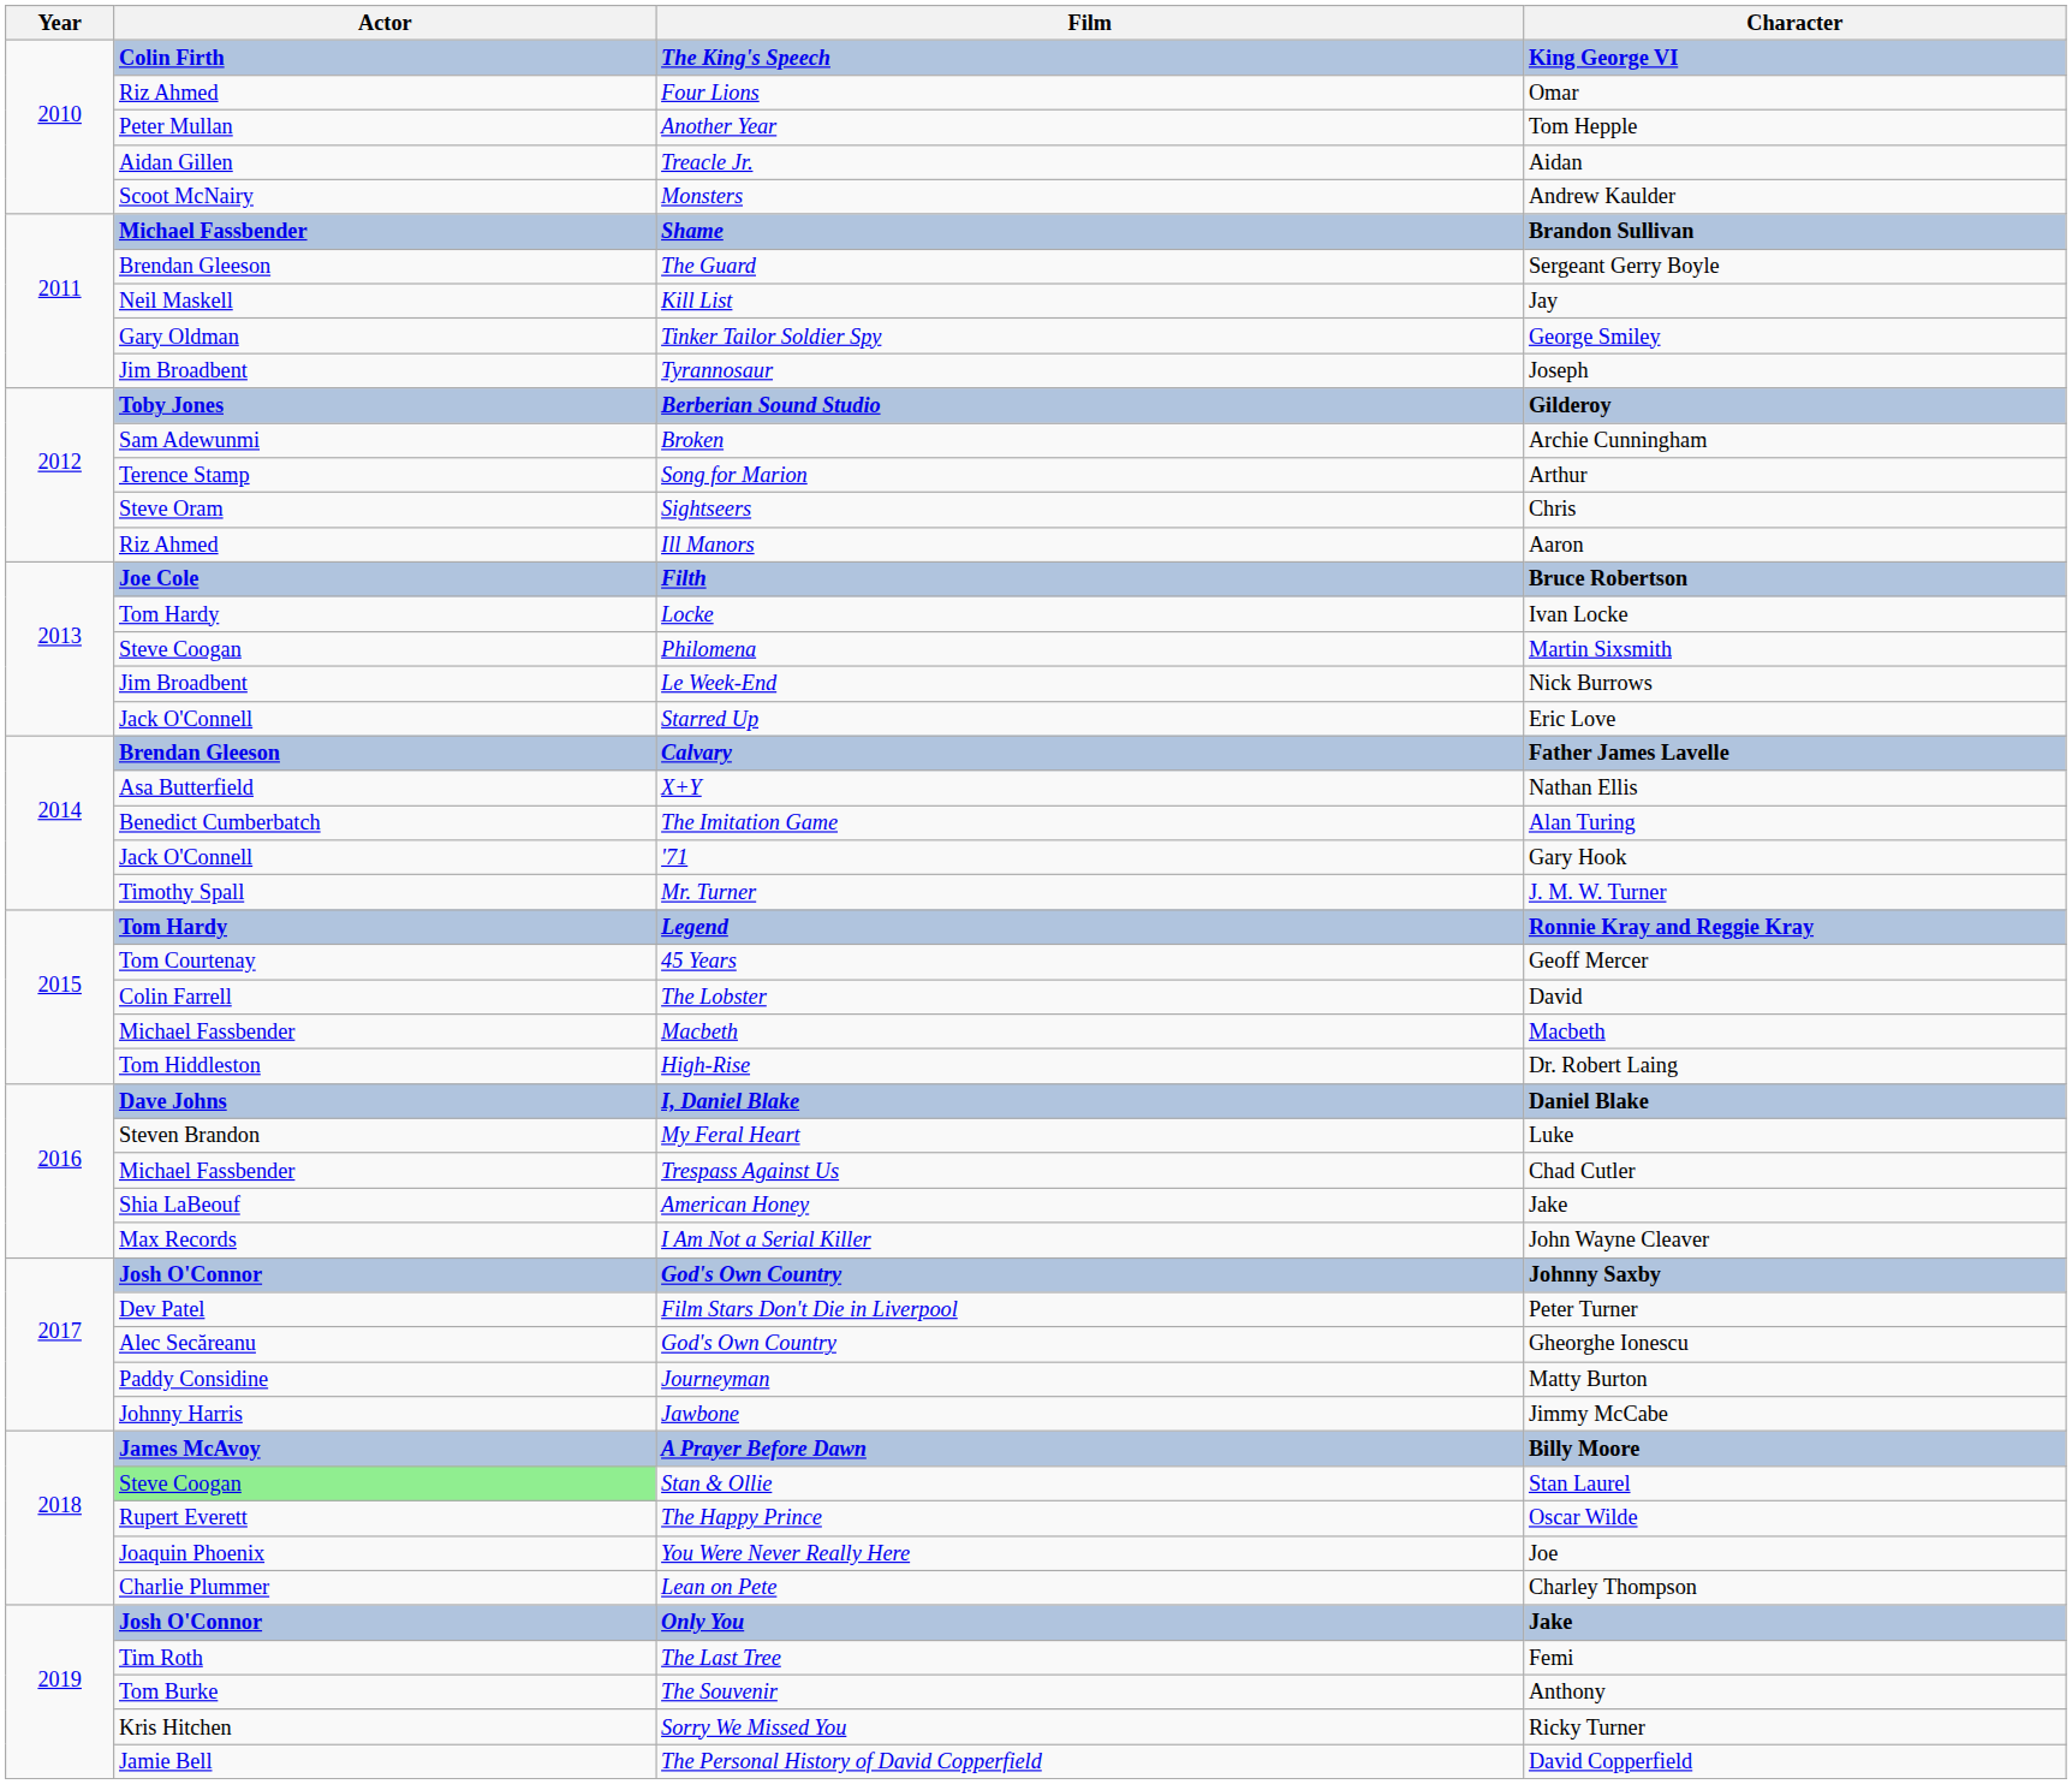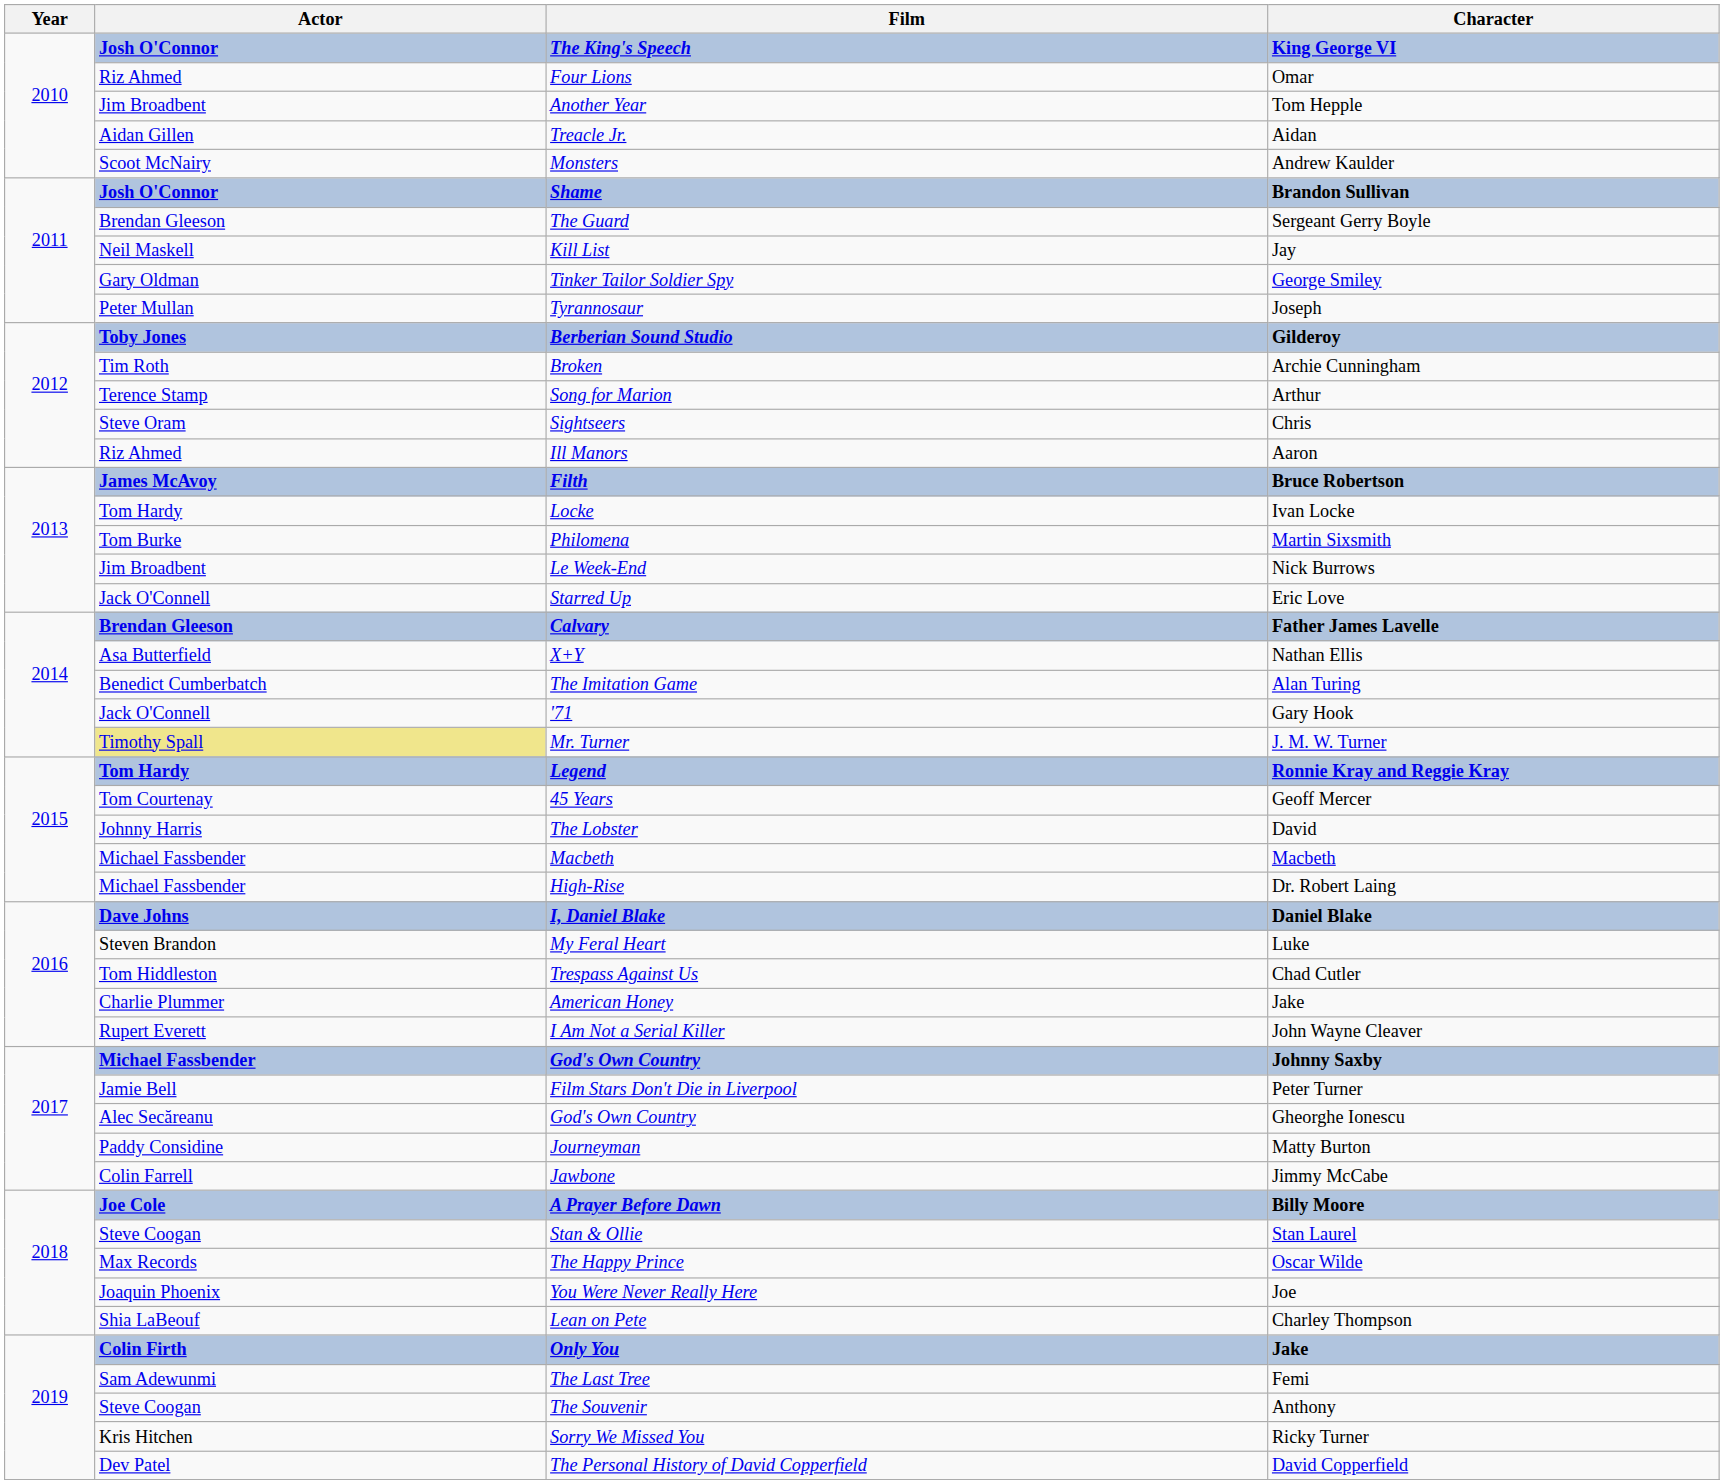 <table class="wikitable" width="95%" cellpadding="5">
 <tr>
 <th width="5%">Year</th>
 <th width="25%">Actor</th>
 <th width="40%">Film</th>
 <th width="25%">Character</th>
 </tr>
 <tr>
 <td rowspan="5" style="text-align:center;"><a href='#'>2010</a><br><br></td>
-<td style="background:#B0C4DE"><strong><a href='#'>Colin Firth</a></strong></td>
+<td style="background:#B0C4DE"><strong><a href='#'>Josh O'Connor</a></strong></td>
 <td style="background:#B0C4DE"><strong><em><a href='#'>The King's Speech</a></em></strong></td>
 <td style="background:#B0C4DE"><strong><a href='#'>King George VI</a></strong></td>
 </tr>
 <tr>
 <td><a href='#'>Riz Ahmed</a></td>
 <td><em><a href='#'>Four Lions</a></em></td>
 <td>Omar</td>
 </tr>
 <tr>
-<td><a href='#'>Peter Mullan</a></td>
+<td><a href='#'>Jim Broadbent</a></td>
 <td><em><a href='#'>Another Year</a></em></td>
 <td>Tom Hepple</td>
 </tr>
 <tr>
 <td><a href='#'>Aidan Gillen</a></td>
 <td><em><a href='#'>Treacle Jr.</a></em></td>
 <td>Aidan</td>
 </tr>
 <tr>
 <td><a href='#'>Scoot McNairy</a></td>
 <td><em><a href='#'>Monsters</a></em></td>
 <td>Andrew Kaulder</td>
 </tr>
 <tr>
 <td rowspan="5" style="text-align:center;"><a href='#'>2011</a><br><br></td>
-<td style="background:#B0C4DE"><strong><a href='#'>Michael Fassbender</a></strong></td>
+<td style="background:#B0C4DE"><strong><a href='#'>Josh O'Connor</a></strong></td>
 <td style="background:#B0C4DE"><strong><em><a href='#'>Shame</a></em></strong></td>
 <td style="background:#B0C4DE"><strong>Brandon Sullivan</strong></td>
 </tr>
 <tr>
 <td><a href='#'>Brendan Gleeson</a></td>
 <td><em><a href='#'>The Guard</a></em></td>
 <td>Sergeant Gerry Boyle</td>
 </tr>
 <tr>
 <td><a href='#'>Neil Maskell</a></td>
 <td><em><a href='#'>Kill List</a></em></td>
 <td>Jay</td>
 </tr>
 <tr>
 <td><a href='#'>Gary Oldman</a></td>
 <td><em><a href='#'>Tinker Tailor Soldier Spy</a></em></td>
 <td><a href='#'>George Smiley</a></td>
 </tr>
 <tr>
-<td><a href='#'>Jim Broadbent</a></td>
+<td><a href='#'>Peter Mullan</a></td>
 <td><em><a href='#'>Tyrannosaur</a></em></td>
 <td>Joseph</td>
 </tr>
 <tr>
 <td rowspan="5" style="text-align:center;"><a href='#'>2012</a><br><br></td>
 <td style="background:#B0C4DE"><strong><a href='#'>Toby Jones</a></strong></td>
 <td style="background:#B0C4DE"><strong><em><a href='#'>Berberian Sound Studio</a></em></strong></td>
 <td style="background:#B0C4DE"><strong>Gilderoy</strong></td>
 </tr>
 <tr>
-<td><a href='#'>Sam Adewunmi</a></td>
+<td><a href='#'>Tim Roth</a></td>
 <td><em><a href='#'>Broken</a></em></td>
 <td>Archie Cunningham</td>
 </tr>
 <tr>
 <td><a href='#'>Terence Stamp</a></td>
 <td><em><a href='#'>Song for Marion</a></em></td>
 <td>Arthur</td>
 </tr>
 <tr>
 <td><a href='#'>Steve Oram</a></td>
 <td><em><a href='#'>Sightseers</a></em></td>
 <td>Chris</td>
 </tr>
 <tr>
 <td><a href='#'>Riz Ahmed</a></td>
 <td><em><a href='#'>Ill Manors</a></em></td>
 <td>Aaron</td>
 </tr>
 <tr>
 <td rowspan="5" style="text-align:center;"><a href='#'>2013</a><br><br></td>
-<td style="background:#B0C4DE"><strong><a href='#'>Joe Cole</a></strong></td>
+<td style="background:#B0C4DE"><strong><a href='#'>James McAvoy</a></strong></td>
 <td style="background:#B0C4DE"><strong><em><a href='#'>Filth</a></em></strong></td>
 <td style="background:#B0C4DE"><strong>Bruce Robertson</strong></td>
 </tr>
 <tr>
 <td><a href='#'>Tom Hardy</a></td>
 <td><em><a href='#'>Locke</a></em></td>
 <td>Ivan Locke</td>
 </tr>
 <tr>
-<td><a href='#'>Steve Coogan</a></td>
+<td><a href='#'>Tom Burke</a></td>
 <td><em><a href='#'>Philomena</a></em></td>
 <td><a href='#'>Martin Sixsmith</a></td>
 </tr>
 <tr>
 <td><a href='#'>Jim Broadbent</a></td>
 <td><em><a href='#'>Le Week-End</a></em></td>
 <td>Nick Burrows</td>
 </tr>
 <tr>
 <td><a href='#'>Jack O'Connell</a></td>
 <td><em><a href='#'>Starred Up</a></em></td>
 <td>Eric Love</td>
 </tr>
 <tr>
 <td rowspan="5" style="text-align:center;"><a href='#'>2014</a><br><br></td>
 <td style="background:#B0C4DE"><strong><a href='#'>Brendan Gleeson</a></strong></td>
 <td style="background:#B0C4DE"><strong><em><a href='#'>Calvary</a></em></strong></td>
 <td style="background:#B0C4DE"><strong>Father James Lavelle</strong></td>
 </tr>
 <tr>
 <td><a href='#'>Asa Butterfield</a></td>
 <td><em><a href='#'>X+Y</a></em></td>
 <td>Nathan Ellis</td>
 </tr>
 <tr>
 <td><a href='#'>Benedict Cumberbatch</a></td>
 <td><em><a href='#'>The Imitation Game</a></em></td>
 <td><a href='#'>Alan Turing</a></td>
 </tr>
 <tr>
 <td><a href='#'>Jack O'Connell</a></td>
 <td><em><a href='#'>'71</a></em></td>
 <td>Gary Hook</td>
 </tr>
 <tr>
-<td><a href='#'>Timothy Spall</a></td>
+<td style="background: khaki;"><a href='#'>Timothy Spall</a></td>
 <td><em><a href='#'>Mr. Turner</a></em></td>
 <td><a href='#'>J. M. W. Turner</a></td>
 </tr>
 <tr>
 <td rowspan="5" style="text-align:center;"><a href='#'>2015</a><br><br></td>
 <td style="background:#B0C4DE"><strong><a href='#'>Tom Hardy</a></strong></td>
 <td style="background:#B0C4DE"><strong><em><a href='#'>Legend</a></em></strong></td>
 <td style="background:#B0C4DE"><strong><a href='#'>Ronnie Kray and Reggie Kray</a></strong></td>
 </tr>
 <tr>
 <td><a href='#'>Tom Courtenay</a></td>
 <td><em><a href='#'>45 Years</a></em></td>
 <td>Geoff Mercer</td>
 </tr>
 <tr>
-<td><a href='#'>Colin Farrell</a></td>
+<td><a href='#'>Johnny Harris</a></td>
 <td><em><a href='#'>The Lobster</a></em></td>
 <td>David</td>
 </tr>
 <tr>
 <td><a href='#'>Michael Fassbender</a></td>
 <td><em><a href='#'>Macbeth</a></em></td>
 <td><a href='#'>Macbeth</a></td>
 </tr>
 <tr>
-<td><a href='#'>Tom Hiddleston</a></td>
+<td><a href='#'>Michael Fassbender</a></td>
 <td><em><a href='#'>High-Rise</a></em></td>
 <td>Dr. Robert Laing</td>
 </tr>
 <tr>
 <td rowspan="5" style="text-align:center;"><a href='#'>2016</a><br><br></td>
 <td style="background:#B0C4DE"><strong><a href='#'>Dave Johns</a></strong></td>
 <td style="background:#B0C4DE"><strong><em><a href='#'>I, Daniel Blake</a></em></strong></td>
 <td style="background:#B0C4DE"><strong>Daniel Blake</strong></td>
 </tr>
 <tr>
 <td>Steven Brandon</td>
 <td><em><a href='#'>My Feral Heart</a></em></td>
 <td>Luke</td>
 </tr>
 <tr>
-<td><a href='#'>Michael Fassbender</a></td>
+<td><a href='#'>Tom Hiddleston</a></td>
 <td><em><a href='#'>Trespass Against Us</a></em></td>
 <td>Chad Cutler</td>
 </tr>
 <tr>
-<td><a href='#'>Shia LaBeouf</a></td>
+<td><a href='#'>Charlie Plummer</a></td>
 <td><em><a href='#'>American Honey</a></em></td>
 <td>Jake</td>
 </tr>
 <tr>
-<td><a href='#'>Max Records</a></td>
+<td><a href='#'>Rupert Everett</a></td>
 <td><em><a href='#'>I Am Not a Serial Killer</a></em></td>
 <td>John Wayne Cleaver</td>
 </tr>
 <tr>
 <td rowspan="5" style="text-align:center;"><a href='#'>2017</a> <br><br></td>
-<td style="background:#B0C4DE"><strong><a href='#'>Josh O'Connor</a></strong></td>
+<td style="background:#B0C4DE"><strong><a href='#'>Michael Fassbender</a></strong></td>
 <td style="background:#B0C4DE"><strong><em><a href='#'>God's Own Country</a></em></strong></td>
 <td style="background:#B0C4DE"><strong>Johnny Saxby</strong></td>
 </tr>
 <tr>
-<td><a href='#'>Dev Patel</a></td>
+<td><a href='#'>Jamie Bell</a></td>
 <td><em><a href='#'>Film Stars Don't Die in Liverpool</a></em></td>
 <td>Peter Turner</td>
 </tr>
 <tr>
 <td><a href='#'>Alec Secăreanu</a></td>
 <td><em><a href='#'>God's Own Country</a></em></td>
 <td>Gheorghe Ionescu</td>
 </tr>
 <tr>
 <td><a href='#'>Paddy Considine</a></td>
 <td><em><a href='#'>Journeyman</a></em></td>
 <td>Matty Burton</td>
 </tr>
 <tr>
-<td><a href='#'>Johnny Harris</a></td>
+<td><a href='#'>Colin Farrell</a></td>
 <td><em><a href='#'>Jawbone</a></em></td>
 <td>Jimmy McCabe</td>
 </tr>
 <tr>
 <td rowspan="5" style="text-align:center;"><a href='#'>2018</a> <br><br></td>
-<td style="background:#B0C4DE"><strong><a href='#'>James McAvoy</a></strong></td>
+<td style="background:#B0C4DE"><strong><a href='#'>Joe Cole</a></strong></td>
 <td style="background:#B0C4DE"><strong><em><a href='#'>A Prayer Before Dawn</a></em></strong></td>
 <td style="background:#B0C4DE"><strong>Billy Moore</strong></td>
 </tr>
 <tr>
-<td style="background: lightgreen;"><a href='#'>Steve Coogan</a></td>
+<td><a href='#'>Steve Coogan</a></td>
 <td><em><a href='#'>Stan & Ollie</a></em></td>
 <td><a href='#'>Stan Laurel</a></td>
 </tr>
 <tr>
-<td><a href='#'>Rupert Everett</a></td>
+<td><a href='#'>Max Records</a></td>
 <td><em><a href='#'>The Happy Prince</a></em></td>
 <td><a href='#'>Oscar Wilde</a></td>
 </tr>
 <tr>
 <td><a href='#'>Joaquin Phoenix</a></td>
 <td><em><a href='#'>You Were Never Really Here</a></em></td>
 <td>Joe</td>
 </tr>
 <tr>
-<td><a href='#'>Charlie Plummer</a></td>
+<td><a href='#'>Shia LaBeouf</a></td>
 <td><em><a href='#'>Lean on Pete</a></em></td>
 <td>Charley Thompson</td>
 </tr>
 <tr>
 <td rowspan="5" style="text-align:center;"><a href='#'>2019</a> <br><br></td>
-<td style="background:#B0C4DE"><strong><a href='#'>Josh O'Connor</a></strong></td>
+<td style="background:#B0C4DE"><strong><a href='#'>Colin Firth</a></strong></td>
 <td style="background:#B0C4DE"><strong><em><a href='#'>Only You</a></em></strong></td>
 <td style="background:#B0C4DE"><strong>Jake</strong></td>
 </tr>
 <tr>
-<td><a href='#'>Tim Roth</a></td>
+<td><a href='#'>Sam Adewunmi</a></td>
 <td><em><a href='#'>The Last Tree</a></em></td>
 <td>Femi</td>
 </tr>
 <tr>
-<td><a href='#'>Tom Burke</a></td>
+<td><a href='#'>Steve Coogan</a></td>
 <td><em><a href='#'>The Souvenir</a></em></td>
 <td>Anthony</td>
 </tr>
 <tr>
 <td>Kris Hitchen</td>
 <td><em><a href='#'>Sorry We Missed You</a></em></td>
 <td>Ricky Turner</td>
 </tr>
 <tr>
-<td><a href='#'>Jamie Bell</a></td>
+<td><a href='#'>Dev Patel</a></td>
 <td><em><a href='#'>The Personal History of David Copperfield</a></em></td>
 <td><a href='#'>David Copperfield</a></td>
 </tr>
 <tr>
 </tr>
 </table>
